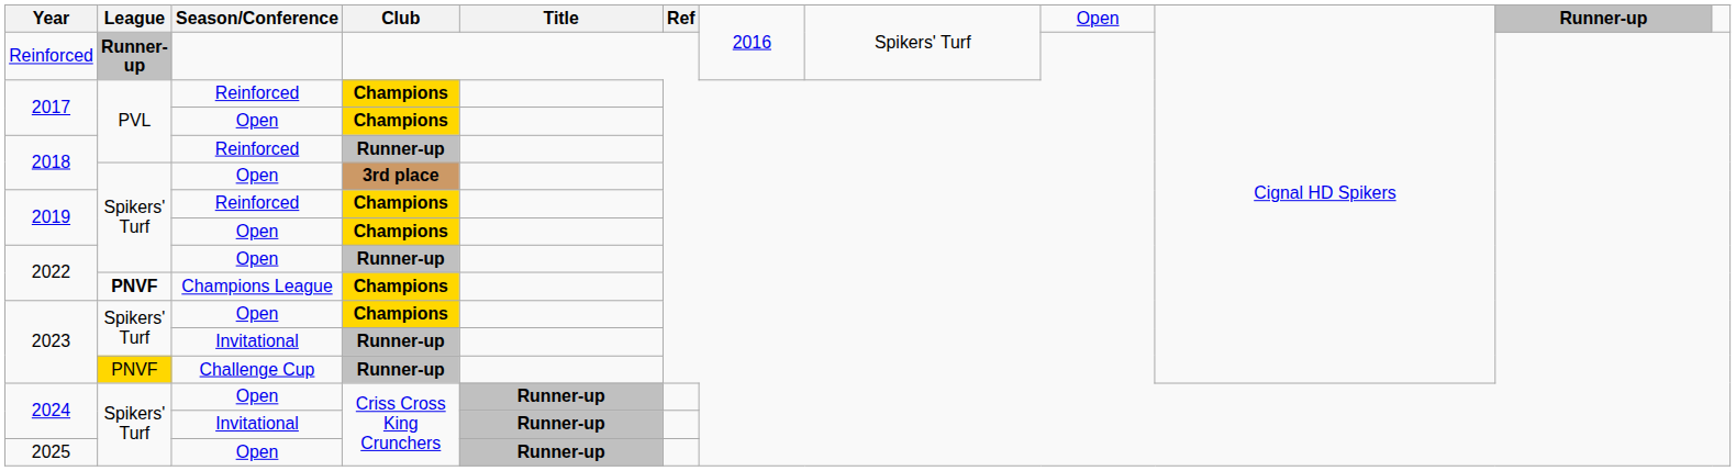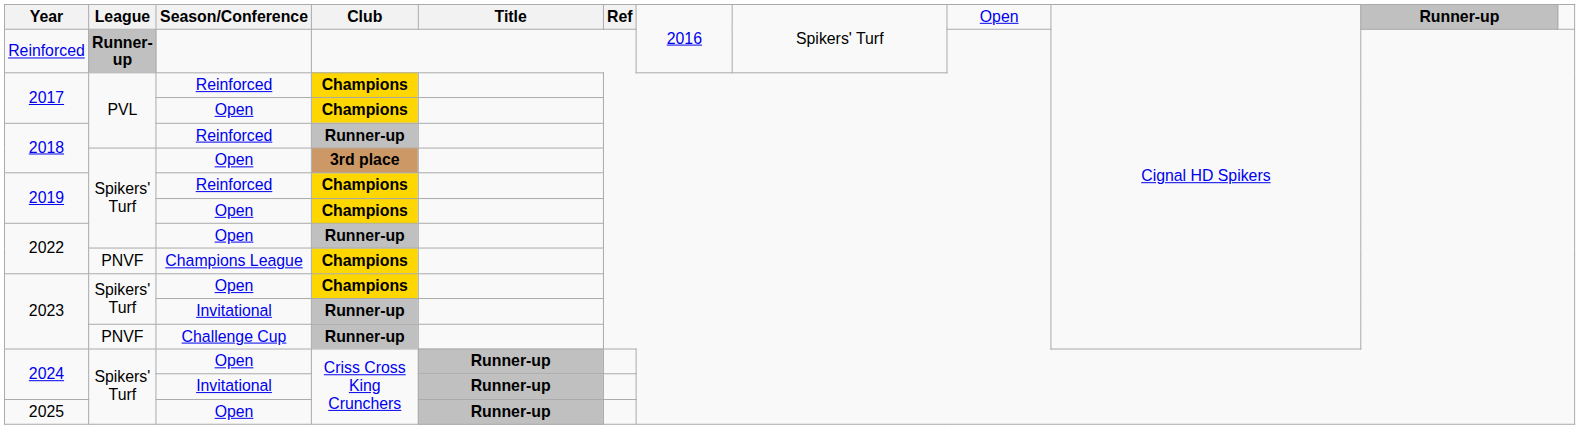 <table class="wikitable sortable" style="text-align:center" width="80%">
 <tr>
 <th style="width:5px;" rowspan="2">Year</th>
 <th style="width:25px;" rowspan="2">League</th>
 <th style="width:100px;" rowspan="2">Season/Conference</th>
 <th style="width:100px;" rowspan="2">Club</th>
 <th style="width:180px;" rowspan="2">Title</th>
 <th style="width:25px;" rowspan="2">Ref</th>
 </tr>
 <tr align=center>
 <td rowspan=2><a href='#'>2016</a></td>
 <td rowspan=2>Spikers' Turf</td>
 <td><a href='#'>Open</a></td>
 <td rowspan=13><a href='#'>Cignal HD Spikers</a></td>
 <td style="background:silver;"><strong>Runner-up</strong></td>
 <td></td>
 </tr>
 <tr align=center>
 <td><a href='#'>Reinforced</a></td>
 <td style="background:silver;"><strong>Runner-up</strong></td>
 <td></td>
 </tr>
 <tr align=center>
 <td rowspan=2><a href='#'>2017</a></td>
 <td rowspan=3>PVL</td>
 <td><a href='#'>Reinforced</a></td>
 <td style="background:gold"><strong>Champions</strong></td>
 <td></td>
 </tr>
 <tr align=center>
 <td><a href='#'>Open</a></td>
 <td style="background:gold"><strong>Champions</strong></td>
 <td></td>
 </tr>
 <tr align=center>
 <td rowspan=2><a href='#'>2018</a></td>
 <td><a href='#'>Reinforced</a></td>
 <td style="background:silver;"><strong>Runner-up</strong></td>
 <td></td>
 </tr>
 <tr align=center>
 <td rowspan=4>Spikers' Turf</td>
 <td><a href='#'>Open</a></td>
 <td style="background:#CC9966;"><strong>3rd place</strong></td>
 <td></td>
 </tr>
 <tr align=center>
 <td rowspan=2><a href='#'>2019</a></td>
 <td><a href='#'>Reinforced</a></td>
 <td style="background:gold"><strong>Champions</strong></td>
 <td></td>
 </tr>
 <tr align=center>
 <td><a href='#'>Open</a></td>
 <td style="background:gold"><strong>Champions</strong></td>
 <td></td>
 </tr>
 <tr align=center>
 <td rowspan=2>2022</td>
 <td><a href='#'>Open</a></td>
 <td style="background:silver;"><strong>Runner-up</strong></td>
 <td></td>
 </tr>
 <tr align=center>
-<td><strong>PNVF</strong></td>
+<td>PNVF</td>
 <td><a href='#'>Champions League</a></td>
 <td style="background:gold"><strong>Champions</strong></td>
 <td></td>
 </tr>
 <tr align=center>
 <td rowspan=3>2023</td>
 <td rowspan=2>Spikers' Turf</td>
 <td><a href='#'>Open</a></td>
 <td style="background:gold;"><strong>Champions</strong></td>
 <td></td>
 </tr>
 <tr align=center>
 <td><a href='#'>Invitational</a></td>
 <td style="background:silver;"><strong>Runner-up</strong></td>
 <td></td>
 </tr>
 <tr align=center>
-<td style="background: gold;">PNVF</td>
+<td>PNVF</td>
 <td><a href='#'>Challenge Cup</a></td>
 <td style="background:silver;"><strong>Runner-up</strong></td>
 <td></td>
 </tr>
 <tr align=center>
 <td rowspan=2><a href='#'>2024</a></td>
 <td rowspan=3>Spikers' Turf</td>
 <td><a href='#'>Open</a></td>
 <td rowspan=3><a href='#'>Criss Cross King Crunchers</a></td>
 <td style="background:silver;"><strong>Runner-up</strong></td>
 <td></td>
 </tr>
 <tr align=center>
 <td><a href='#'>Invitational</a></td>
 <td style="background:silver;"><strong>Runner-up</strong></td>
 <td></td>
 </tr>
 <tr align=center>
 <td rowspan=1>2025</td>
 <td><a href='#'>Open</a></td>
 <td style="background:silver;"><strong>Runner-up</strong></td>
 <td></td>
 </tr>
 </table>
